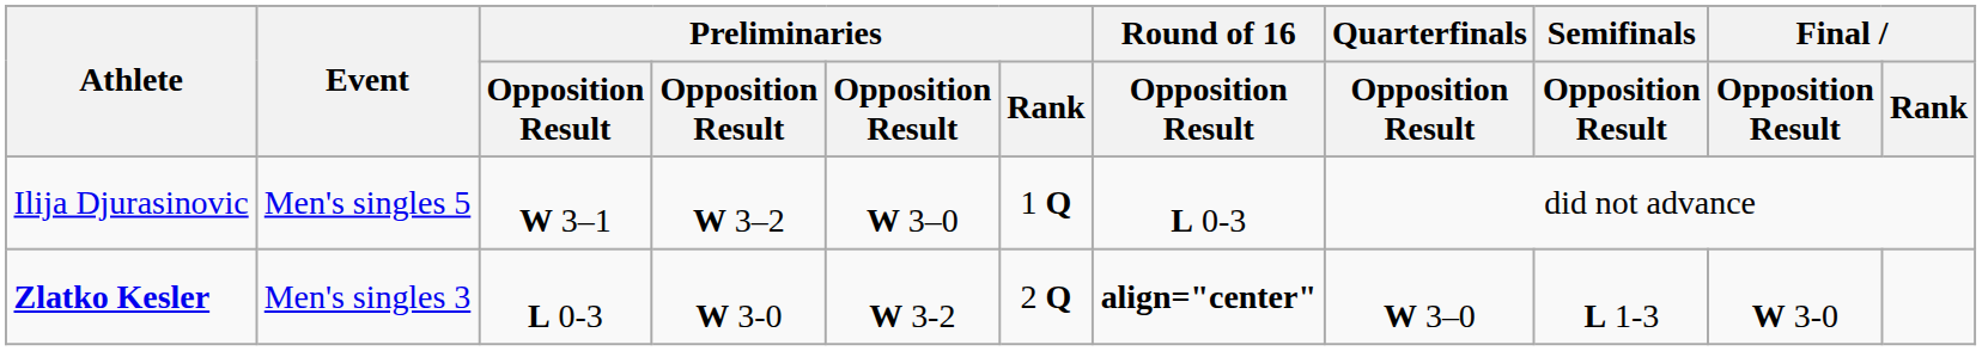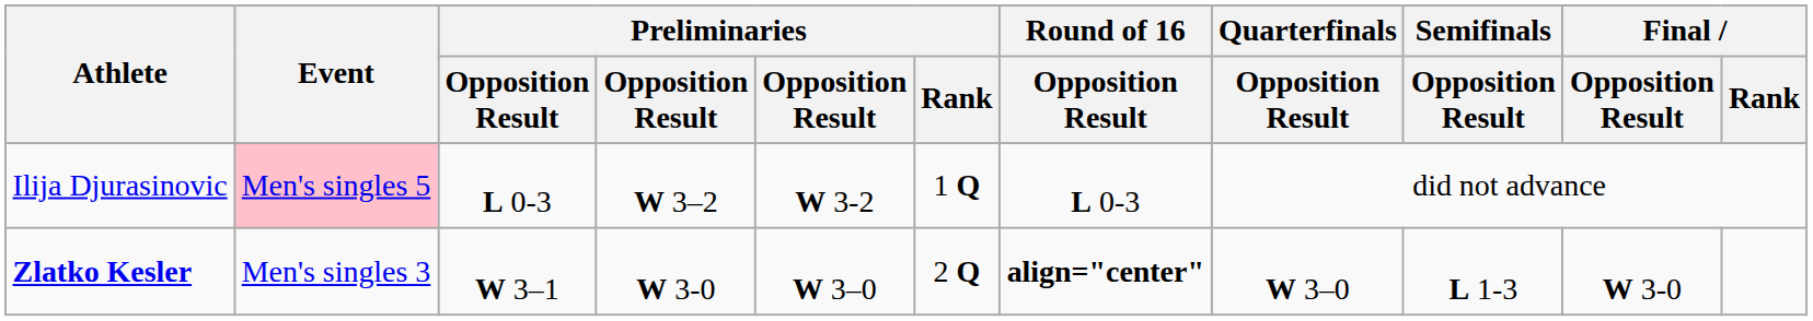 <table class=wikitable style="font-size:90%">
 <tr>
 <th rowspan="2">Athlete</th>
 <th rowspan="2">Event</th>
 <th colspan="4">Preliminaries</th>
 <th>Round of 16</th>
 <th>Quarterfinals</th>
 <th>Semifinals</th>
 <th colspan="2">Final / </th>
 </tr>
 <tr>
 <th>Opposition<br>Result</th>
 <th>Opposition<br>Result</th>
 <th>Opposition<br>Result</th>
 <th>Rank</th>
 <th>Opposition<br>Result</th>
 <th>Opposition<br>Result</th>
 <th>Opposition<br>Result</th>
 <th>Opposition<br>Result</th>
 <th>Rank</th>
 </tr>
 <tr>
 <td><a href='#'>Ilija Djurasinovic</a></td>
-<td><a href='#'>Men's singles 5</a></td>
-<td align="center"><br><strong>W</strong> 3–1</td>
+<td style="background: pink;"><a href='#'>Men's singles 5</a></td>
+<td align="center"><br><strong>L</strong> 0-3</td>
 <td align="center"><br><strong>W</strong> 3–2</td>
-<td align="center"><br><strong>W</strong> 3–0</td>
+<td align="center"><br><strong>W</strong> 3-2</td>
 <td align="center">1 <strong>Q</strong></td>
 <td align="center"><br><strong>L</strong> 0-3</td>
 <td align="center" colspan="4">did not advance</td>
 </tr>
 <tr>
 <td><strong><a href='#'>Zlatko Kesler</a></strong></td>
 <td><a href='#'>Men's singles 3</a></td>
-<td align="center"><br><strong>L</strong> 0-3</td>
+<td align="center"><br><strong>W</strong> 3–1</td>
 <td align="center"><br><strong>W</strong> 3-0</td>
-<td align="center"><br><strong>W</strong> 3-2</td>
+<td align="center"><br><strong>W</strong> 3–0</td>
 <td align="center">2 <strong>Q</strong></td>
 <td><strong>align="center" </strong></td>
 <td align="center"><br><strong>W</strong> 3–0</td>
 <td align="center"><br><strong>L</strong> 1-3</td>
 <td align="center"><br><strong>W</strong> 3-0</td>
 <td align="center"></td>
 </tr>
 </table>
